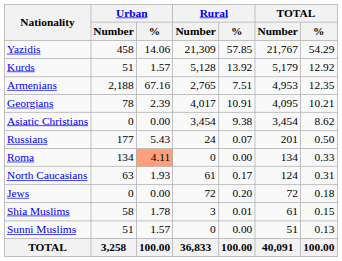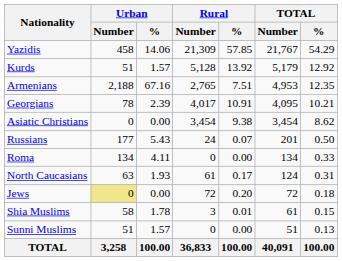 <table class="wikitable sortable">
 <tr>
 <th rowspan="2">Nationality</th>
 <th colspan="2"><a href='#'>Urban</a></th>
 <th colspan="2"><a href='#'>Rural</a></th>
 <th colspan="2">TOTAL</th>
 </tr>
 <tr>
 <th>Number</th>
 <th>%</th>
 <th>Number</th>
 <th>%</th>
 <th>Number</th>
 <th>%</th>
 </tr>
 <tr>
 <td><a href='#'>Yazidis</a></td>
 <td align="right">458</td>
 <td align="right">14.06</td>
 <td align="right">21,309</td>
 <td align="right">57.85</td>
 <td align="right">21,767</td>
 <td align="right">54.29</td>
 </tr>
 <tr>
 <td><a href='#'>Kurds</a></td>
 <td align="right">51</td>
 <td align="right">1.57</td>
 <td align="right">5,128</td>
 <td align="right">13.92</td>
 <td align="right">5,179</td>
 <td align="right">12.92</td>
 </tr>
 <tr>
 <td><a href='#'>Armenians</a></td>
 <td align="right">2,188</td>
 <td align="right">67.16</td>
 <td align="right">2,765</td>
 <td align="right">7.51</td>
 <td align="right">4,953</td>
 <td align="right">12.35</td>
 </tr>
 <tr>
 <td><a href='#'>Georgians</a></td>
 <td align="right">78</td>
 <td align="right">2.39</td>
 <td align="right">4,017</td>
 <td align="right">10.91</td>
 <td align="right">4,095</td>
 <td align="right">10.21</td>
 </tr>
 <tr>
 <td><a href='#'>Asiatic Christians</a></td>
 <td align="right">0</td>
 <td align="right">0.00</td>
 <td align="right">3,454</td>
 <td align="right">9.38</td>
 <td align="right">3,454</td>
 <td align="right">8.62</td>
 </tr>
 <tr>
 <td><a href='#'>Russians</a></td>
 <td align="right">177</td>
 <td align="right">5.43</td>
 <td align="right">24</td>
 <td align="right">0.07</td>
 <td align="right">201</td>
 <td align="right">0.50</td>
 </tr>
 <tr>
 <td><a href='#'>Roma</a></td>
 <td align="right">134</td>
-<td align="right" style="background: lightsalmon;">4.11</td>
+<td align="right">4.11</td>
 <td align="right">0</td>
 <td align="right">0.00</td>
 <td align="right">134</td>
 <td align="right">0.33</td>
 </tr>
 <tr>
 <td><a href='#'>North Caucasians</a></td>
 <td align="right">63</td>
 <td align="right">1.93</td>
 <td align="right">61</td>
 <td align="right">0.17</td>
 <td align="right">124</td>
 <td align="right">0.31</td>
 </tr>
 <tr>
 <td><a href='#'>Jews</a></td>
-<td align="right">0</td>
+<td align="right" style="background: khaki;">0</td>
 <td align="right">0.00</td>
 <td align="right">72</td>
 <td align="right">0.20</td>
 <td align="right">72</td>
 <td align="right">0.18</td>
 </tr>
 <tr>
 <td><a href='#'>Shia Muslims</a></td>
 <td align="right">58</td>
 <td align="right">1.78</td>
 <td align="right">3</td>
 <td align="right">0.01</td>
 <td align="right">61</td>
 <td align="right">0.15</td>
 </tr>
 <tr>
 <td><a href='#'>Sunni Muslims</a></td>
 <td align="right">51</td>
 <td align="right">1.57</td>
 <td align="right">0</td>
 <td align="right">0.00</td>
 <td align="right">51</td>
 <td align="right">0.13</td>
 </tr>
 <tr>
 <th>TOTAL</th>
 <th>3,258</th>
 <th>100.00</th>
 <th>36,833</th>
 <th>100.00</th>
 <th>40,091</th>
 <th>100.00</th>
 </tr>
 </table>
